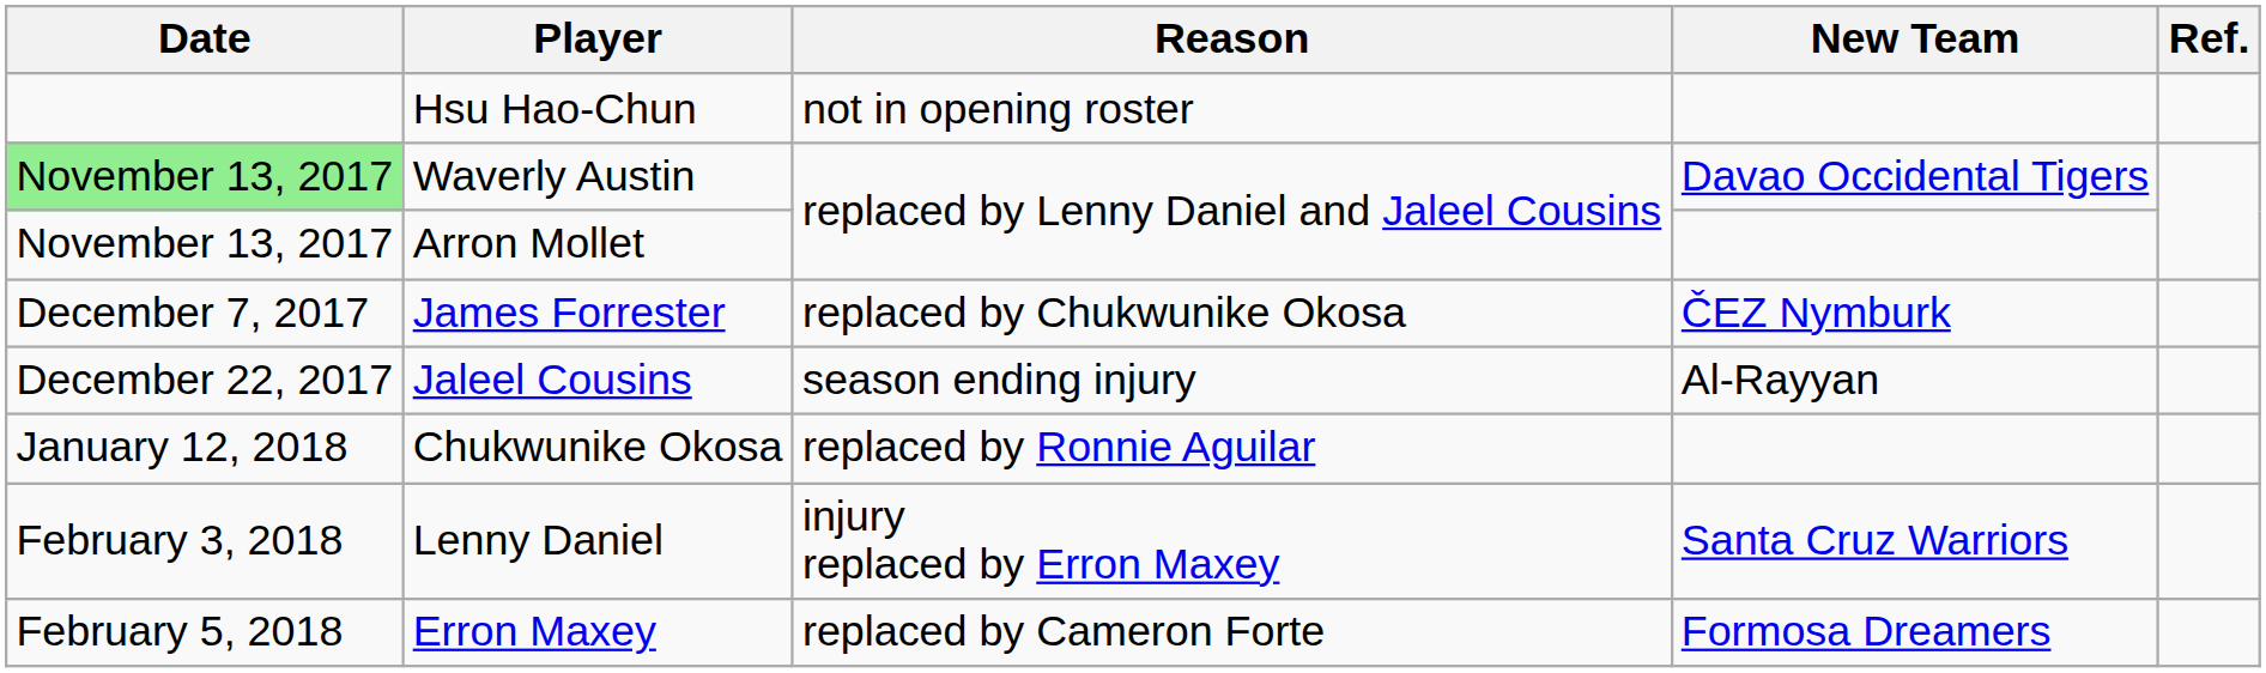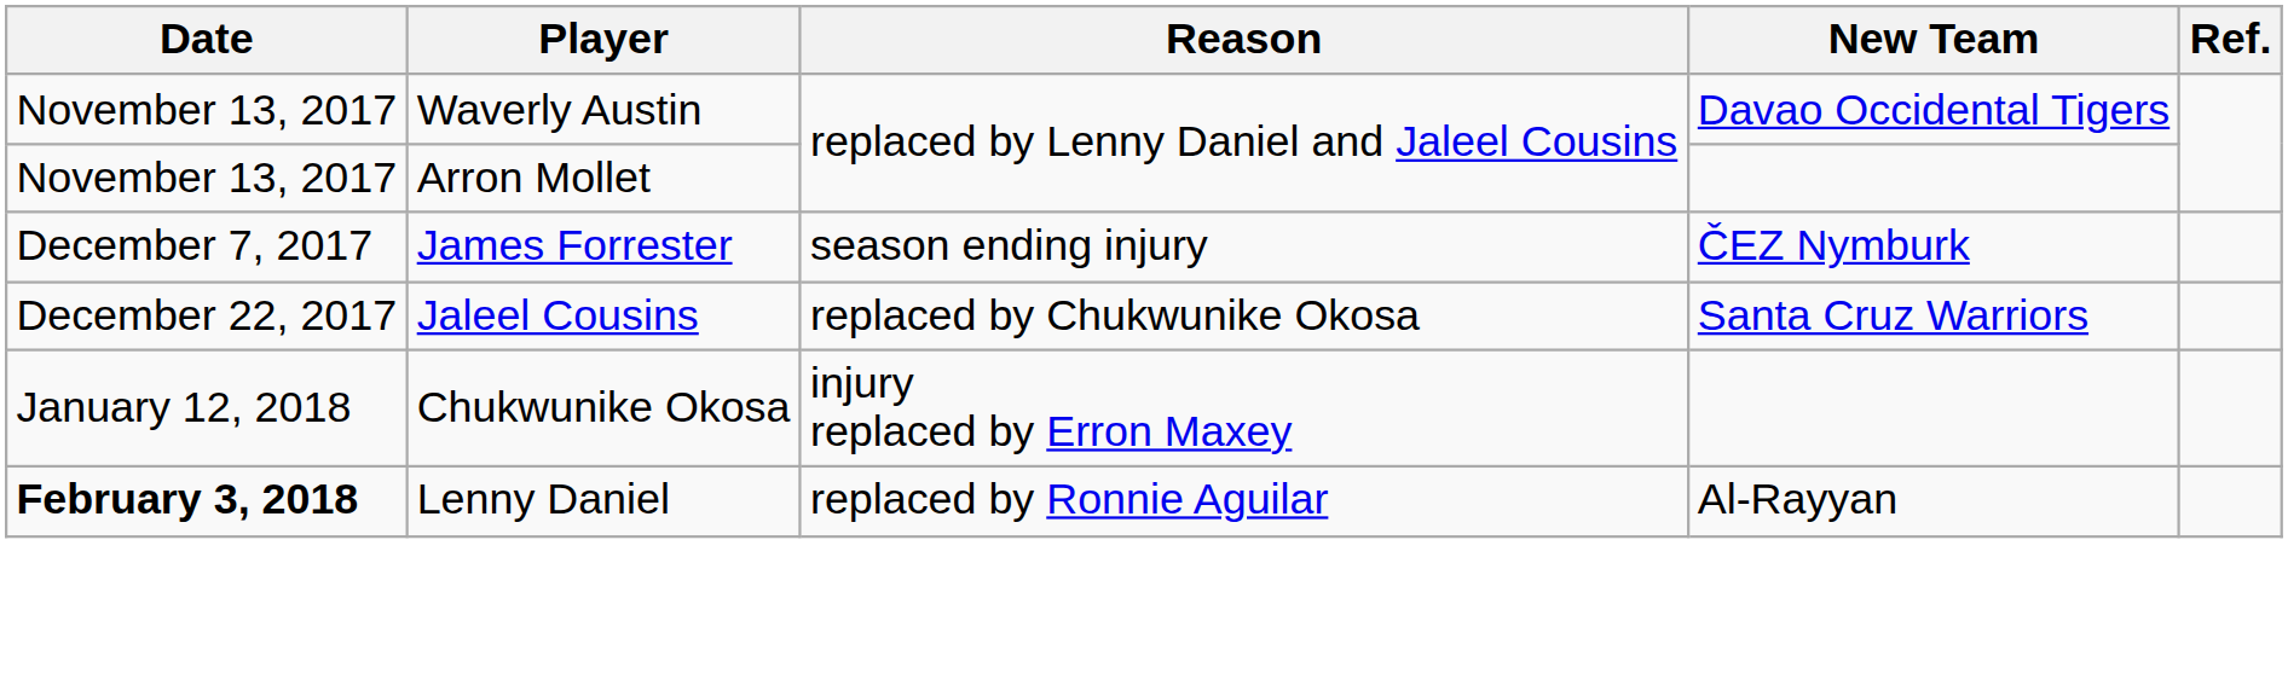 <table class="wikitable sortable sortable" style="text-align: left">
 <tr>
 <th>Date</th>
 <th>Player</th>
 <th>Reason</th>
 <th>New Team</th>
 <th>Ref.</th>
 </tr>
 <tr>
-<td></td>
-<td>Hsu Hao-Chun</td>
-<td>not in opening roster</td>
-<td></td>
-<td></td>
-</tr>
-<tr>
-<td style="background: lightgreen;">November 13, 2017</td>
+<td>November 13, 2017</td>
 <td>Waverly Austin</td>
 <td rowspan=2>replaced by Lenny Daniel and <a href='#'>Jaleel Cousins</a></td>
 <td><a href='#'>Davao Occidental Tigers</a></td>
 <td rowspan=2></td>
 </tr>
 <tr>
 <td>November 13, 2017</td>
 <td>Arron Mollet</td>
 <td></td>
 </tr>
 <tr>
 <td>December 7, 2017</td>
 <td><a href='#'>James Forrester</a></td>
-<td>replaced by Chukwunike Okosa</td>
+<td>season ending injury</td>
 <td><a href='#'>ČEZ Nymburk</a></td>
 <td></td>
 </tr>
 <tr>
 <td>December 22, 2017</td>
 <td><a href='#'>Jaleel Cousins</a></td>
-<td>season ending injury</td>
-<td>Al-Rayyan</td>
+<td>replaced by Chukwunike Okosa</td>
+<td><a href='#'>Santa Cruz Warriors</a></td>
 <td></td>
 </tr>
 <tr>
 <td>January 12, 2018</td>
 <td>Chukwunike Okosa</td>
-<td>replaced by <a href='#'>Ronnie Aguilar</a></td>
+<td>injury<br>replaced by <a href='#'>Erron Maxey</a></td>
 <td></td>
 <td></td>
 </tr>
 <tr>
-<td>February 3, 2018</td>
+<td><strong>February 3, 2018</strong></td>
 <td>Lenny Daniel</td>
-<td>injury<br>replaced by <a href='#'>Erron Maxey</a></td>
-<td><a href='#'>Santa Cruz Warriors</a></td>
-<td></td>
-</tr>
-<tr>
-<td>February 5, 2018</td>
-<td><a href='#'>Erron Maxey</a></td>
-<td>replaced by Cameron Forte</td>
-<td><a href='#'>Formosa Dreamers</a></td>
+<td>replaced by <a href='#'>Ronnie Aguilar</a></td>
+<td>Al-Rayyan</td>
 <td></td>
 </tr>
 </table>
